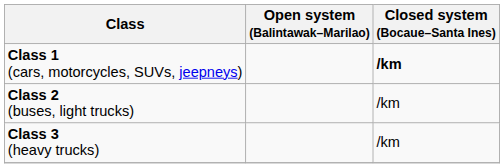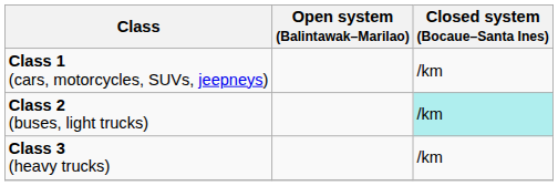 <table class="wikitable">
 <tr>
 <th>Class</th>
 <th>Open system<br><small>(Balintawak–Marilao)</small></th>
 <th>Closed system<br><small>(Bocaue–Santa Ines)</small></th>
 </tr>
 <tr>
 <td><strong>Class 1</strong><br>(cars, motorcycles, SUVs, <a href='#'>jeepneys</a>)</td>
 <td></td>
-<td><strong>/km </strong></td>
+<td>/km </td>
 </tr>
 <tr>
 <td><strong>Class 2</strong><br>(buses, light trucks)</td>
 <td></td>
-<td>/km</td>
+<td style="background: paleturquoise;">/km</td>
 </tr>
 <tr>
 <td><strong>Class 3</strong><br>(heavy trucks)</td>
 <td></td>
 <td>/km</td>
 </tr>
 <tr>
 </tr>
 </table>
